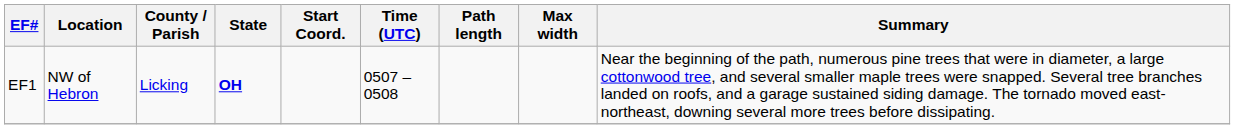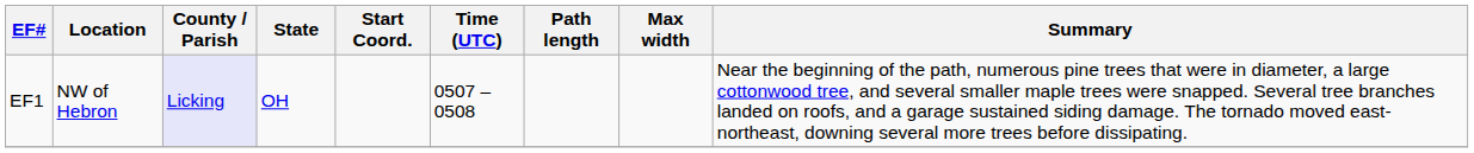 <table class="wikitable sortable" style="width:100%;">
 <tr>
 <th scope="col" width="3%" align="center"><a href='#'>EF#</a></th>
 <th scope="col" width="7%" align="center" class="unsortable">Location</th>
 <th scope="col" width="6%" align="center" class="unsortable">County / Parish</th>
 <th scope="col" width="5%" align="center">State</th>
 <th scope="col" width="6%" align="center">Start Coord.</th>
 <th scope="col" width="6%" align="center">Time (<a href='#'>UTC</a>)</th>
 <th scope="col" width="6%" align="center">Path length</th>
 <th scope="col" width="6%" align="center">Max width</th>
 <th scope="col" width="48%" class="unsortable" align="center">Summary</th>
 </tr>
 <tr>
 <td>EF1</td>
 <td>NW of <a href='#'>Hebron</a></td>
-<td><a href='#'>Licking</a></td>
-<td><strong><a href='#'>OH</a></strong></td>
+<td style="background: lavender;"><a href='#'>Licking</a></td>
+<td><a href='#'>OH</a></td>
 <td></td>
 <td>0507 – 0508</td>
 <td></td>
 <td></td>
 <td>Near the beginning of the path, numerous pine trees that were  in diameter, a large <a href='#'>cottonwood tree</a>, and several smaller maple trees were snapped. Several tree branches landed on roofs, and a garage sustained siding damage. The tornado moved east-northeast, downing several more trees before dissipating.</td>
 </tr>
 <tr>
 </tr>
 </table>
